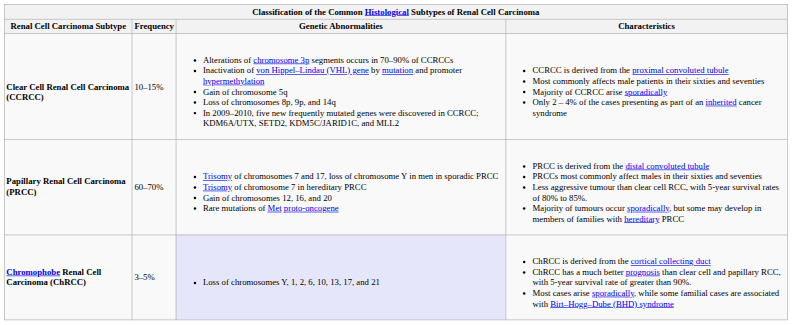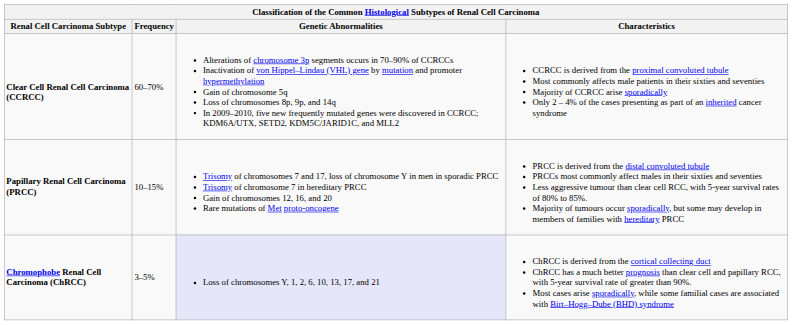 <table class="wikitable collapsible collapsed" style="font-size:88%; width:100%">
 <tr>
 <th colspan=4>Classification of the Common <a href='#'>Histological</a> Subtypes of Renal Cell Carcinoma</th>
 </tr>
 <tr>
 <th>Renal Cell Carcinoma Subtype</th>
 <th>Frequency</th>
 <th>Genetic Abnormalities</th>
 <th>Characteristics</th>
 </tr>
 <tr>
 <td><br><strong>Clear Cell Renal Cell Carcinoma (CCRCC)</strong> </td>
-<td>10–15%</td>
+<td>60–70%</td>
 <td><br><ul><li>Alterations of <a href='#'>chromosome 3p</a> segments occurs in 70–90% of CCRCCs</li><li>Inactivation of <a href='#'>von Hippel–Lindau (VHL) gene</a> by <a href='#'>mutation</a> and promoter <a href='#'>hypermethylation</a></li><li>Gain of chromosome 5q</li><li>Loss of chromosomes 8p, 9p, and 14q</li><li>In 2009–2010, five new frequently mutated genes were discovered in CCRCC; KDM6A/UTX, SETD2, KDM5C/JARID1C, and MLL2</li></ul></td>
 <td><br><ul><li>CCRCC is derived from the <a href='#'>proximal convoluted tubule</a></li><li>Most commonly affects male patients in their sixties and seventies</li><li>Majority of CCRCC arise <a href='#'>sporadically</a></li><li>Only 2 – 4% of the cases presenting as part of an <a href='#'>inherited</a> cancer syndrome</li></ul></td>
 </tr>
 <tr>
 <td><strong>Papillary Renal Cell Carcinoma (PRCC)</strong><br></td>
-<td>60–70%</td>
+<td>10–15%</td>
 <td><br><ul><li><a href='#'>Trisomy</a> of chromosomes 7 and 17, loss of chromosome Y in men in sporadic PRCC</li><li><a href='#'>Trisomy</a> of chromosome 7 in hereditary PRCC</li><li>Gain of chromosomes 12, 16, and 20</li><li>Rare mutations of <a href='#'>Met</a> <a href='#'>proto-oncogene</a></li></ul></td>
 <td><br><ul><li>PRCC is derived from the <a href='#'>distal convoluted tubule</a></li><li>PRCCs most commonly affect males in their sixties and seventies</li><li>Less aggressive tumour than clear cell RCC, with 5-year survival rates of 80% to 85%.</li><li>Majority of tumours occur <a href='#'>sporadically</a>, but some may develop in members of families with <a href='#'>hereditary</a> PRCC</li></ul></td>
 </tr>
 <tr>
 <td><strong><a href='#'>Chromophobe</a> Renal Cell Carcinoma (ChRCC)</strong><br></td>
 <td>3–5%</td>
 <td style="background: lavender;"><br><ul><li>Loss of chromosomes Y, 1, 2, 6, 10, 13, 17, and 21</li></ul></td>
 <td><br><ul><li>ChRCC is derived from the <a href='#'>cortical collecting duct</a></li><li>ChRCC has a much better <a href='#'>prognosis</a> than clear cell and papillary RCC, with 5-year survival rate of greater than 90%.</li><li>Most cases arise <a href='#'>sporadically</a>, while some familial cases are associated with <a href='#'>Birt–Hogg–Dube (BHD) syndrome</a></li></ul></td>
 </tr>
 </table>
